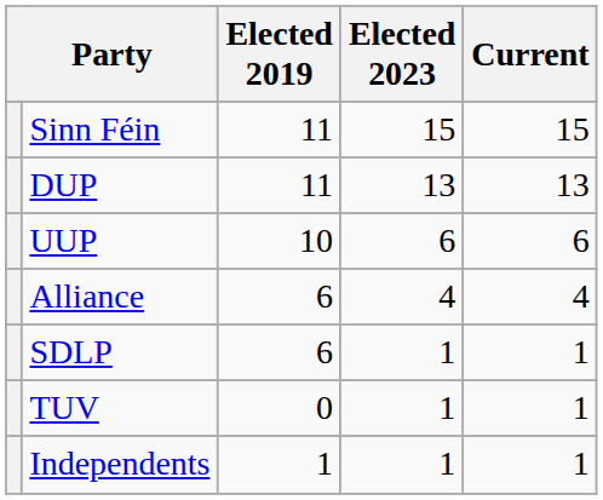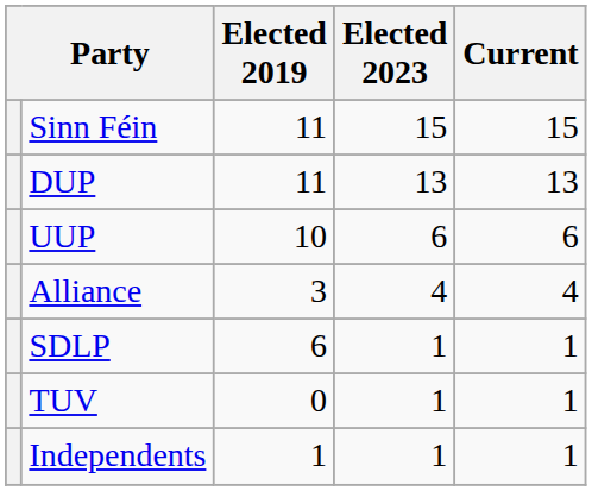 <table class="wikitable" style="font-size: 95%;">
 <tr>
 <th colspan=2>Party</th>
 <th>Elected <br>2019</th>
 <th>Elected <br>2023</th>
 <th>Current</th>
 </tr>
 <tr>
 <th style="background-color: "></th>
 <td><a href='#'>Sinn Féin</a></td>
 <td align="right">11</td>
 <td align="right">15</td>
 <td align="right">15</td>
 </tr>
 <tr>
 <th style="background-color: "></th>
 <td><a href='#'>DUP</a></td>
 <td align="right">11</td>
 <td align="right">13</td>
 <td align="right">13</td>
 </tr>
 <tr>
 <th style="background-color: "></th>
 <td><a href='#'>UUP</a></td>
 <td align="right">10</td>
 <td align="right">6</td>
 <td align="right">6</td>
 </tr>
 <tr>
 <th style="background-color: "></th>
 <td><a href='#'>Alliance</a></td>
-<td align="right">6</td>
+<td align="right">3</td>
 <td align="right">4</td>
 <td align="right">4</td>
 </tr>
 <tr>
 <th style="background-color: "></th>
 <td><a href='#'>SDLP</a></td>
 <td align="right">6</td>
 <td align="right">1</td>
 <td align="right">1</td>
 </tr>
 <tr>
 <th style="background-color: "></th>
 <td><a href='#'>TUV</a></td>
 <td align="right">0</td>
 <td align="right">1</td>
 <td align="right">1</td>
 </tr>
 <tr>
 <th style="background-color: "></th>
 <td><a href='#'>Independents</a></td>
 <td align="right">1</td>
 <td align="right">1</td>
 <td align="right">1</td>
 </tr>
 </table>
